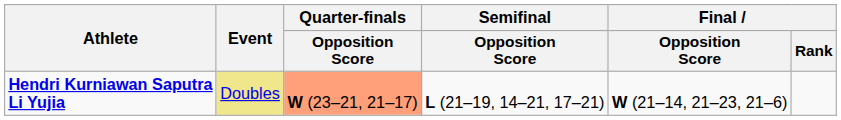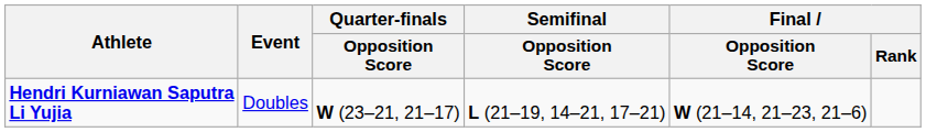 <table class="wikitable" style="font-size:90%">
 <tr>
 <th rowspan="2">Athlete</th>
 <th rowspan="2">Event</th>
 <th>Quarter-finals</th>
 <th>Semifinal</th>
 <th colspan="2">Final / </th>
 </tr>
 <tr style="font-size:95%">
 <th>Opposition<br>Score</th>
 <th>Opposition<br>Score</th>
 <th>Opposition<br>Score</th>
 <th>Rank</th>
 </tr>
 <tr align="center">
 <td align="left"><strong><a href='#'>Hendri Kurniawan Saputra</a></strong><br><strong><a href='#'>Li Yujia</a></strong></td>
-<td style="background: khaki;"><a href='#'>Doubles</a></td>
-<td style="background: lightsalmon;"><br><strong>W</strong> (23–21, 21–17)</td>
+<td><a href='#'>Doubles</a></td>
+<td><br><strong>W</strong> (23–21, 21–17)</td>
 <td><br><strong>L</strong> (21–19, 14–21, 17–21)</td>
 <td><br><strong>W</strong> (21–14, 21–23, 21–6)</td>
 <td></td>
 </tr>
 </table>
